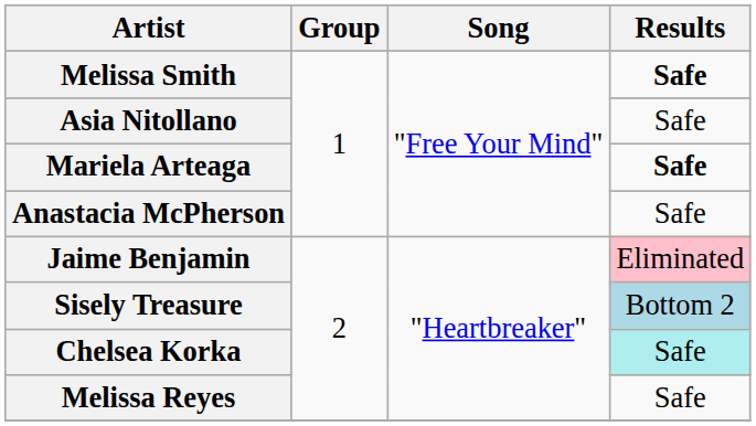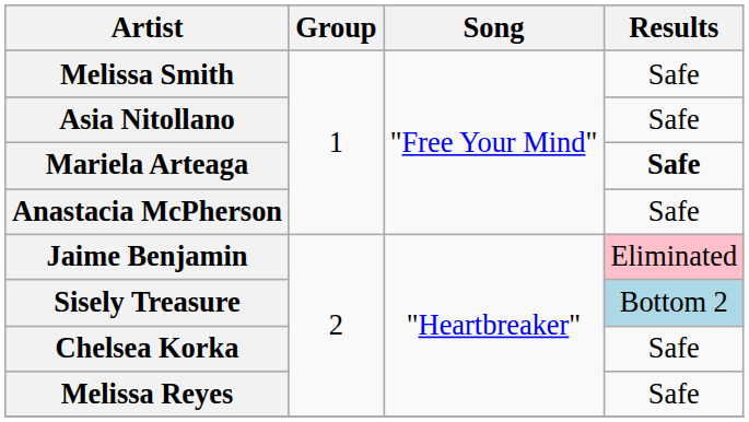 <table class="wikitable plainrowheaders" style="text-align:center;">
 <tr>
 <th scope="col">Artist</th>
 <th scope="col">Group</th>
 <th scope="col">Song</th>
 <th scope="col">Results</th>
 </tr>
 <tr>
 <th scope="row">Melissa Smith</th>
 <td rowspan="4">1</td>
 <td rowspan="4">"<a href='#'>Free Your Mind</a>"</td>
-<td><strong>Safe</strong></td>
+<td>Safe</td>
 </tr>
 <tr>
 <th scope="row">Asia Nitollano</th>
 <td>Safe</td>
 </tr>
 <tr>
 <th scope="row">Mariela Arteaga</th>
 <td><strong>Safe</strong></td>
 </tr>
 <tr>
 <th scope="row">Anastacia McPherson</th>
 <td>Safe</td>
 </tr>
 <tr>
 <th scope="row">Jaime Benjamin</th>
 <td rowspan="4">2</td>
 <td rowspan="4">"<a href='#'>Heartbreaker</a>"</td>
 <td style="background:pink;">Eliminated</td>
 </tr>
 <tr>
 <th scope="row">Sisely Treasure</th>
 <td style="background:lightblue;">Bottom 2</td>
 </tr>
 <tr>
 <th scope="row">Chelsea Korka</th>
-<td style="background: paleturquoise;">Safe</td>
+<td>Safe</td>
 </tr>
 <tr>
 <th scope="row">Melissa Reyes</th>
 <td>Safe</td>
 </tr>
 <tr>
 </tr>
 </table>
